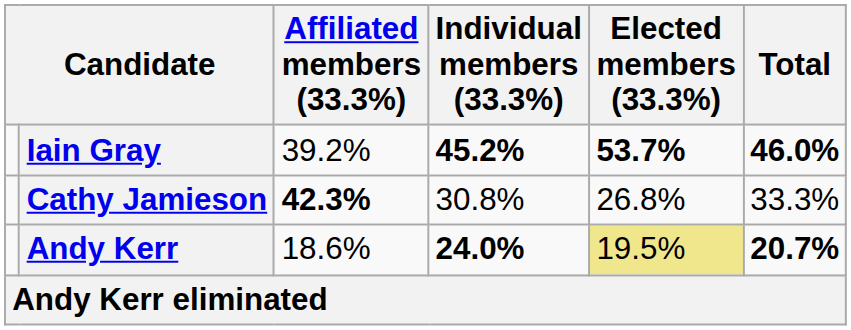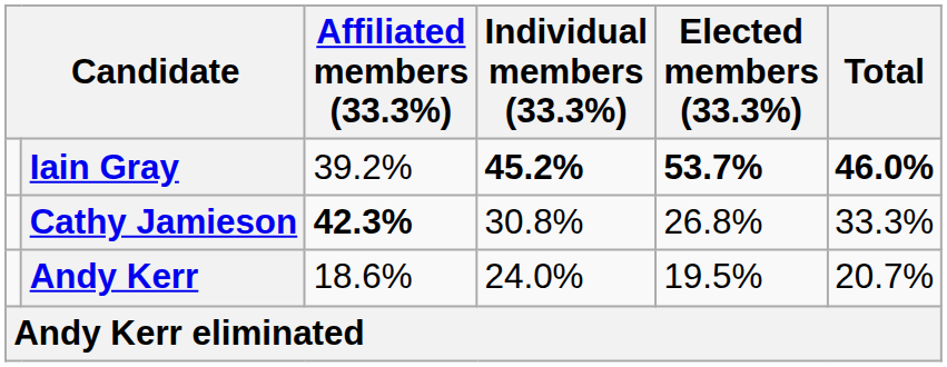 <table class="wikitable">
 <tr>
 <th colspan="2" scope="col">Candidate</th>
 <th scope="col"><a href='#'>Affiliated</a> <br> members<br> <strong>(33.3%)</strong></th>
 <th scope="col">Individual <br> members <br> <strong>(33.3%)</strong></th>
 <th scope="col">Elected <br>members<br> <strong>(33.3%)</strong></th>
 <th scope="col">Total</th>
 </tr>
 <tr>
 <td style="background-color: "></td>
 <th style="text-align:left;" scope="row"><a href='#'>Iain Gray</a></th>
 <td>39.2%</td>
 <td><strong>45.2%</strong></td>
 <td><strong>53.7%</strong></td>
 <td><strong>46.0%</strong></td>
 </tr>
 <tr>
 <td style="background-color: "></td>
 <th style="text-align:left;" scope="row"><a href='#'>Cathy Jamieson</a></th>
 <td><strong>42.3%</strong></td>
 <td>30.8%</td>
 <td>26.8%</td>
 <td>33.3%</td>
 </tr>
 <tr>
 <td style="background-color: "></td>
 <th style="text-align:left;" scope="row"><a href='#'>Andy Kerr</a></th>
 <td>18.6%</td>
-<td><strong>24.0%</strong></td>
-<td style="background: khaki;">19.5%</td>
-<td><strong>20.7%</strong></td>
+<td>24.0%</td>
+<td>19.5%</td>
+<td>20.7%</td>
 </tr>
 <tr>
 <th style="text-align:left;" colspan="6" scope="col"><strong>Andy Kerr eliminated</strong></th>
 </tr>
 </table>
